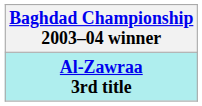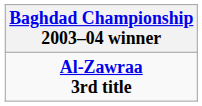 <table class="wikitable" style="text-align: center; margin: 0 auto;">
 <tr>
 <th><a href='#'>Baghdad Championship</a><br>2003–04 winner</th>
 </tr>
 <tr>
-<td style="background: paleturquoise;"><strong><a href='#'>Al-Zawraa</a></strong><br><strong>3rd title</strong></td>
+<td><strong><a href='#'>Al-Zawraa</a></strong><br><strong>3rd title</strong></td>
 </tr>
 </table>
